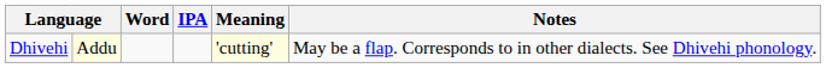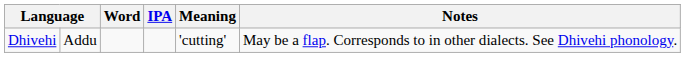 <table class="wikitable">
 <tr>
 <th colspan=2>Language</th>
 <th>Word</th>
 <th><a href='#'>IPA</a></th>
 <th>Meaning</th>
 <th>Notes</th>
 </tr>
 <tr>
 <td><a href='#'>Dhivehi</a></td>
-<td style="background: lightyellow;">Addu</td>
+<td>Addu</td>
 <td></td>
 <td></td>
-<td style="background: lightyellow;">'cutting'</td>
+<td>'cutting'</td>
 <td>May be a <a href='#'>flap</a>. Corresponds to  in other dialects. See <a href='#'>Dhivehi phonology</a>.</td>
 </tr>
 </table>
